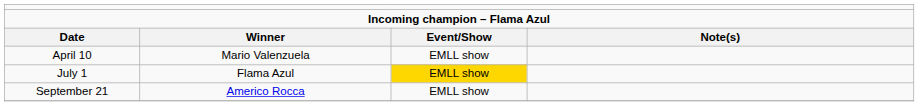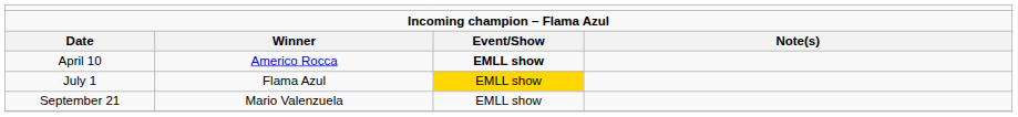 <table class="wikitable" style="text-align:center; width:100%;">
 <tr>
 <td colspan=5></td>
 </tr>
 <tr>
 <td colspan=5><strong>Incoming champion – Flama Azul</strong></td>
 </tr>
 <tr>
 <th width=14%>Date</th>
 <th width=26%>Winner</th>
 <th width=14%>Event/Show</th>
 <th width=40%>Note(s)</th>
 </tr>
 <tr>
 <td>April 10</td>
-<td>Mario Valenzuela</td>
-<td>EMLL show</td>
+<td><a href='#'>Americo Rocca</a></td>
+<td><strong>EMLL show</strong></td>
 <td></td>
 </tr>
 <tr>
 <td>July 1</td>
 <td>Flama Azul</td>
 <td style="background: gold;">EMLL show</td>
 <td></td>
 </tr>
 <tr>
 <td>September 21</td>
-<td><a href='#'>Americo Rocca</a></td>
+<td>Mario Valenzuela</td>
 <td>EMLL show</td>
 <td></td>
 </tr>
 <tr>
 </tr>
 </table>
